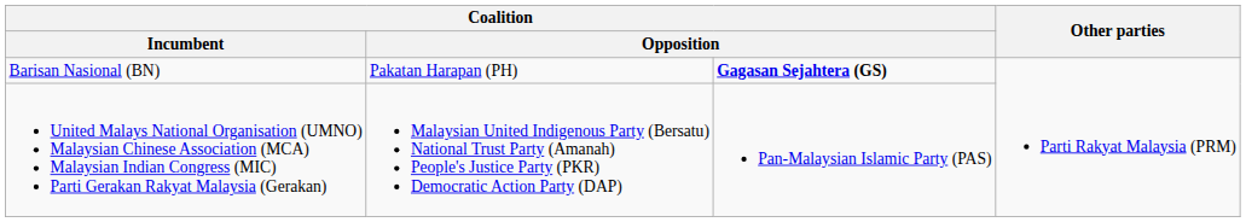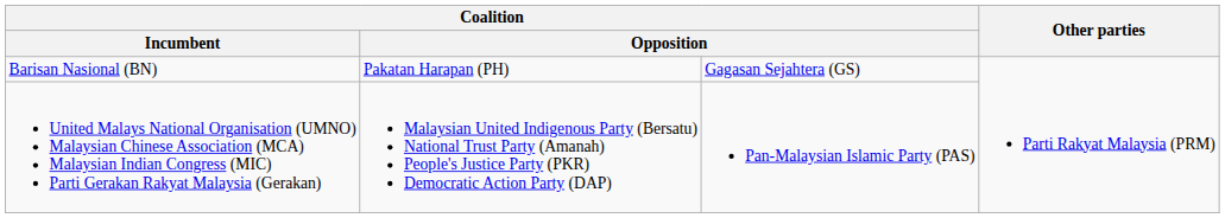 <table class="wikitable">
 <tr>
 <th colspan="3">Coalition</th>
 <th rowspan="2">Other parties</th>
 </tr>
 <tr>
 <th>Incumbent</th>
 <th colspan="2">Opposition</th>
 </tr>
 <tr>
 <td><a href='#'>Barisan Nasional</a> (BN)</td>
 <td> <a href='#'>Pakatan Harapan</a> (PH)</td>
-<td><strong><a href='#'>Gagasan Sejahtera</a> (GS)</strong></td>
+<td><a href='#'>Gagasan Sejahtera</a> (GS)</td>
 <td rowspan="2"><br><ul><li> <a href='#'>Parti Rakyat Malaysia</a> (PRM) </li></ul></td>
 </tr>
 <tr>
 <td><br><ul><li> <a href='#'>United Malays National Organisation</a> (UMNO)</li><li> <a href='#'>Malaysian Chinese Association</a> (MCA)</li><li> <a href='#'>Malaysian Indian Congress</a> (MIC)</li><li> <a href='#'>Parti Gerakan Rakyat Malaysia</a> (Gerakan)</li></ul></td>
 <td><br><ul><li> <a href='#'>Malaysian United Indigenous Party</a> (Bersatu)</li><li> <a href='#'>National Trust Party</a> (Amanah)</li><li> <a href='#'>People's Justice Party</a> (PKR)</li><li> <a href='#'>Democratic Action Party</a> (DAP)</li></ul></td>
 <td><br><ul><li> <a href='#'>Pan-Malaysian Islamic Party</a> (PAS)</li></ul></td>
 </tr>
 </table>
